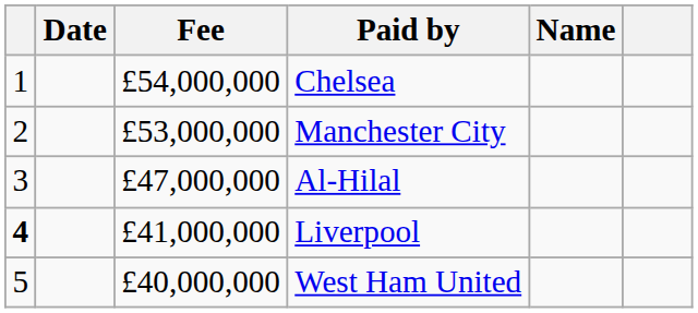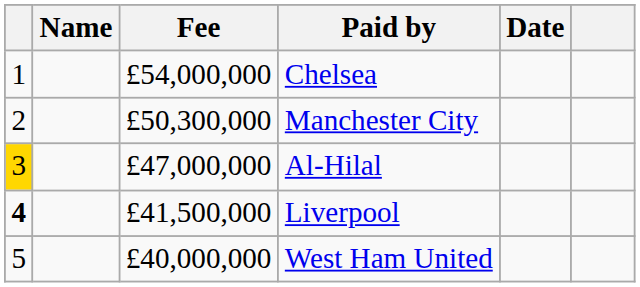 <table class="wikitable">
 <tr>
 <th scope="col"></th>
-<th scope="col">Date</th>
+<th scope="col">Name</th>
 <th scope="col">Fee</th>
 <th scope="col">Paid by</th>
-<th scope="col">Name</th>
+<th scope="col">Date</th>
 <th scope="col" style="width:10%;" class="unsortable"></th>
 </tr>
 <tr>
 <td style="text-align:center;">1</td>
-<td></td>
+<td scope="row"> </td>
 <td>£54,000,000</td>
 <td> <a href='#'>Chelsea</a></td>
-<td scope="row"> </td>
+<td></td>
 <td align=center></td>
 </tr>
 <tr>
 <td style="text-align:center;">2</td>
+<td scope="row"> </td>
+<td>£50,300,000</td>
+<td> <a href='#'>Manchester City</a></td>
 <td></td>
-<td>£53,000,000</td>
-<td> <a href='#'>Manchester City</a></td>
-<td scope="row"> </td>
 <td align=center></td>
 </tr>
 <tr>
-<td style="text-align:center;">3</td>
-<td></td>
+<td style="background: gold; text-align:center;">3</td>
+<td scope="row"> </td>
 <td>£47,000,000</td>
 <td> <a href='#'>Al-Hilal</a></td>
-<td scope="row"> </td>
+<td></td>
 <td align=center></td>
 </tr>
 <tr>
 <td style="text-align:center;"><strong>4</strong></td>
+<td scope="row"> </td>
+<td>£41,500,000</td>
+<td> <a href='#'>Liverpool</a></td>
 <td></td>
-<td>£41,000,000</td>
-<td> <a href='#'>Liverpool</a></td>
-<td scope="row"> </td>
 <td align=center></td>
 </tr>
 <tr>
 <td style="text-align:center;">5</td>
-<td></td>
+<td scope="row"> </td>
 <td>£40,000,000</td>
 <td> <a href='#'>West Ham United</a></td>
-<td scope="row"> </td>
+<td></td>
 <td align=center></td>
 </tr>
 </table>
